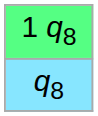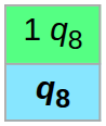 <table class="wikitable" style="text-align:center;">
 <tr>
 <td bgcolor="#55FF83" width="40">1 <em>q</em><sub>8</sub></td>
 </tr>
 <tr>
-<td bgcolor="#87E6FF" width="40"><em>q</em><sub>8</sub></td>
+<td bgcolor="#87E6FF" width="40"><strong><em>q</em><sub>8</sub></strong></td>
 </tr>
 </table>
